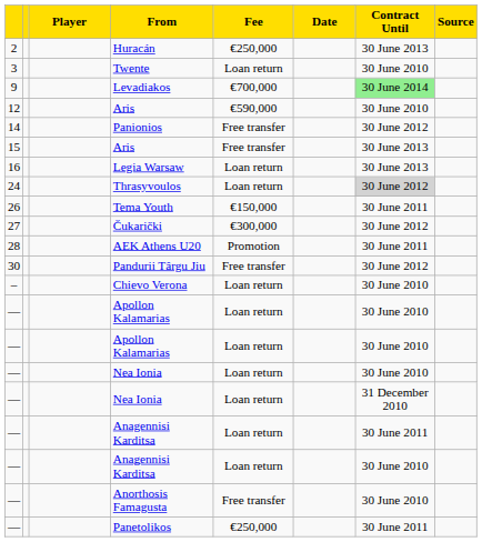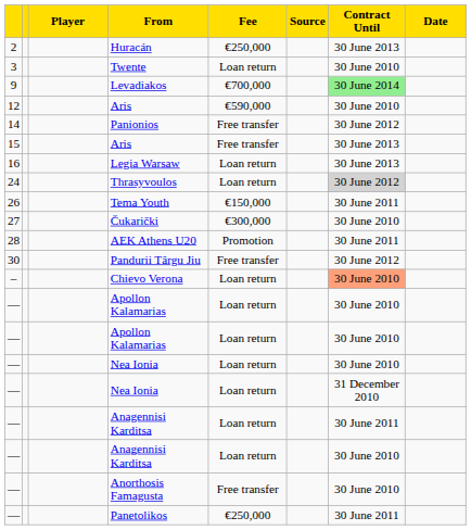 <table class="wikitable sortable">
 <tr>
 <th style="background:#FFDE00"></th>
 <th style="background:#FFDE00"></th>
 <th width=200 style="background:#FFDE00">Player</th>
 <th width=200 style="background:#FFDE00">From</th>
 <th width=150 style="background:#FFDE00">Fee</th>
+<th style="background:#FFDE00">Source</th>
+<th width=150 style="background:#FFDE00">Contract Until</th>
 <th width=150 style="background:#FFDE00">Date</th>
-<th width=150 style="background:#FFDE00">Contract Until</th>
-<th style="background:#FFDE00">Source</th>
 </tr>
 <tr>
 <td align=center>2</td>
 <td align=center></td>
 <td></td>
 <td> <a href='#'>Huracán</a></td>
 <td align=center>€250,000</td>
 <td align=center></td>
 <td align=center>30 June 2013</td>
 <td align=center></td>
 </tr>
 <tr>
 <td align=center>3</td>
 <td align=center></td>
 <td></td>
 <td> <a href='#'>Twente</a></td>
 <td align=center>Loan return</td>
 <td align=center></td>
 <td align=center>30 June 2010</td>
 <td align=center></td>
 </tr>
 <tr>
 <td align=center>9</td>
 <td align=center></td>
 <td></td>
 <td> <a href='#'>Levadiakos</a></td>
 <td align=center>€700,000</td>
 <td align=center></td>
 <td align=center style="background: lightgreen;">30 June 2014</td>
 <td align=center></td>
 </tr>
 <tr>
 <td align=center>12</td>
 <td align=center></td>
 <td></td>
 <td> <a href='#'>Aris</a></td>
 <td align=center>€590,000</td>
 <td align=center></td>
 <td align=center>30 June 2010</td>
 <td align=center></td>
 </tr>
 <tr>
 <td align=center>14</td>
 <td align=center></td>
 <td></td>
 <td> <a href='#'>Panionios</a></td>
 <td align=center>Free transfer</td>
 <td align=center></td>
 <td align=center>30 June 2012</td>
 <td align=center></td>
 </tr>
 <tr>
 <td align=center>15</td>
 <td align=center></td>
 <td></td>
 <td> <a href='#'>Aris</a></td>
 <td align=center>Free transfer</td>
 <td align=center></td>
 <td align=center>30 June 2013</td>
 <td align=center></td>
 </tr>
 <tr>
 <td align=center>16</td>
 <td align=center></td>
 <td></td>
 <td> <a href='#'>Legia Warsaw</a></td>
 <td align=center>Loan return</td>
 <td align=center></td>
 <td align=center>30 June 2013</td>
 <td align=center></td>
 </tr>
 <tr>
 <td align=center>24</td>
 <td align=center></td>
 <td></td>
 <td> <a href='#'>Thrasyvoulos</a></td>
 <td align=center>Loan return</td>
 <td align=center></td>
 <td align=center style="background: lightgrey;">30 June 2012</td>
 <td align=center></td>
 </tr>
 <tr>
 <td align=center>26</td>
 <td align=center></td>
 <td></td>
 <td> <a href='#'>Tema Youth</a></td>
 <td align=center>€150,000</td>
 <td align=center></td>
 <td align=center>30 June 2011</td>
 <td align=center></td>
 </tr>
 <tr>
 <td align=center>27</td>
 <td align=center></td>
 <td></td>
 <td> <a href='#'>Čukarički</a></td>
 <td align=center>€300,000</td>
 <td align=center></td>
-<td align=center>30 June 2012</td>
+<td align=center>30 June 2010</td>
 <td align=center></td>
 </tr>
 <tr>
 <td align=center>28</td>
 <td align=center></td>
 <td></td>
 <td> <a href='#'>AEK Athens U20</a></td>
 <td align=center>Promotion</td>
 <td align=center></td>
 <td align=center>30 June 2011</td>
 <td align=center></td>
 </tr>
 <tr>
 <td align=center>30</td>
 <td align=center></td>
 <td></td>
 <td> <a href='#'>Pandurii Târgu Jiu</a></td>
 <td align=center>Free transfer</td>
 <td align=center></td>
 <td align=center>30 June 2012</td>
 <td align=center></td>
 </tr>
 <tr>
 <td align=center>–</td>
 <td align=center></td>
 <td></td>
 <td> <a href='#'>Chievo Verona</a></td>
 <td align=center>Loan return</td>
 <td align=center></td>
-<td align=center>30 June 2010</td>
+<td align=center style="background: lightsalmon;">30 June 2010</td>
 <td align=center></td>
 </tr>
 <tr>
 <td align=center>—</td>
 <td align=center></td>
 <td></td>
 <td> <a href='#'>Apollon Kalamarias</a></td>
 <td align=center>Loan return</td>
 <td align=center></td>
 <td align=center>30 June 2010</td>
 <td align=center></td>
 </tr>
 <tr>
 <td align=center>—</td>
 <td align=center></td>
 <td></td>
 <td> <a href='#'>Apollon Kalamarias</a></td>
 <td align=center>Loan return</td>
 <td align=center></td>
 <td align=center>30 June 2010</td>
 <td align=center></td>
 </tr>
 <tr>
 <td align=center>—</td>
 <td align=center></td>
 <td></td>
 <td> <a href='#'>Nea Ionia</a></td>
 <td align=center>Loan return</td>
 <td align=center></td>
 <td align=center>30 June 2010</td>
 <td align=center></td>
 </tr>
 <tr>
 <td align=center>—</td>
 <td align=center></td>
 <td></td>
 <td> <a href='#'>Nea Ionia</a></td>
 <td align=center>Loan return</td>
 <td align=center></td>
 <td align=center>31 December 2010</td>
 <td align=center></td>
 </tr>
 <tr>
 <td align=center>—</td>
 <td align=center></td>
 <td></td>
 <td> <a href='#'>Anagennisi Karditsa</a></td>
 <td align=center>Loan return</td>
 <td align=center></td>
 <td align=center>30 June 2011</td>
 <td align=center></td>
 </tr>
 <tr>
 <td align=center>—</td>
 <td align=center></td>
 <td></td>
 <td> <a href='#'>Anagennisi Karditsa</a></td>
 <td align=center>Loan return</td>
 <td align=center></td>
 <td align=center>30 June 2010</td>
 <td align=center></td>
 </tr>
 <tr>
 <td align=center>—</td>
 <td align=center></td>
 <td></td>
 <td> <a href='#'>Anorthosis Famagusta</a></td>
 <td align=center>Free transfer</td>
 <td align=center></td>
 <td align=center>30 June 2010</td>
 <td align=center></td>
 </tr>
 <tr>
 <td align=center>—</td>
 <td align=center></td>
 <td></td>
 <td> <a href='#'>Panetolikos</a></td>
 <td align=center>€250,000</td>
 <td align=center></td>
 <td align=center>30 June 2011</td>
 <td align=center></td>
 </tr>
 </table>
